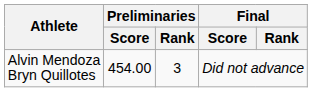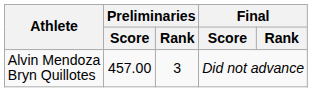 <table class="wikitable" style="font-size:90%">
 <tr>
 <th rowspan=2>Athlete</th>
 <th colspan=2=2>Preliminaries</th>
 <th colspan=2>Final</th>
 </tr>
 <tr style="font=size:95%">
 <th>Score</th>
 <th>Rank</th>
 <th>Score</th>
 <th>Rank</th>
 </tr>
 <tr align=center>
 <td align=left>Alvin Mendoza<br>Bryn Quillotes</td>
-<td>454.00</td>
+<td>457.00</td>
 <td>3</td>
 <td colspan=2><em>Did not advance</em></td>
 </tr>
 </table>
